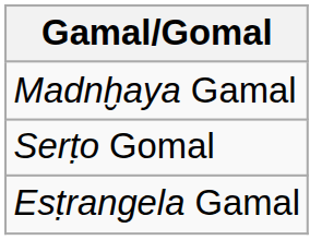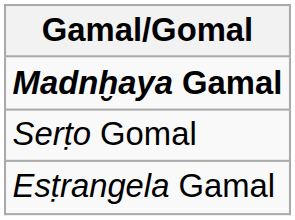 <table class="wikitable">
 <tr>
 <th>Gamal/Gomal</th>
 </tr>
 <tr>
-<td> <em>Madnḫaya</em> Gamal</td>
+<td><strong> <em>Madnḫaya</em> Gamal</strong></td>
 </tr>
 <tr>
 <td> <em>Serṭo</em> Gomal</td>
 </tr>
 <tr>
 <td> <em>Esṭrangela</em> Gamal</td>
 </tr>
 </table>
